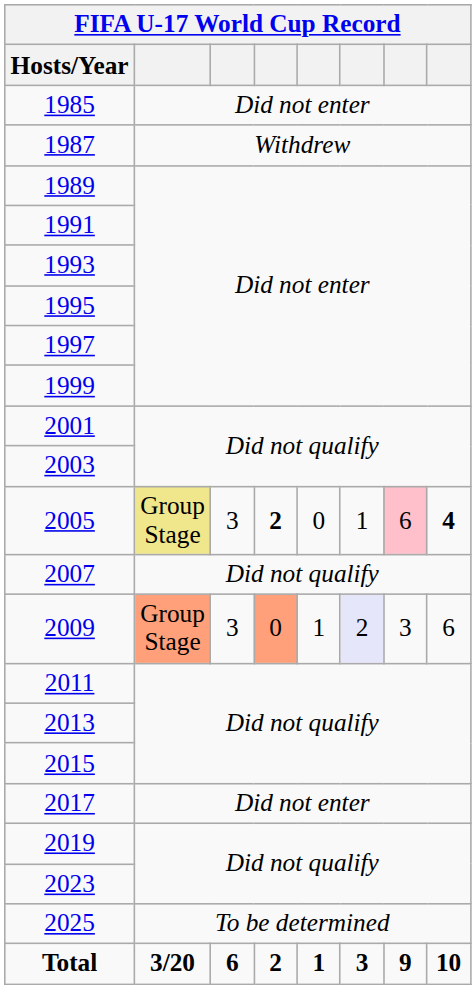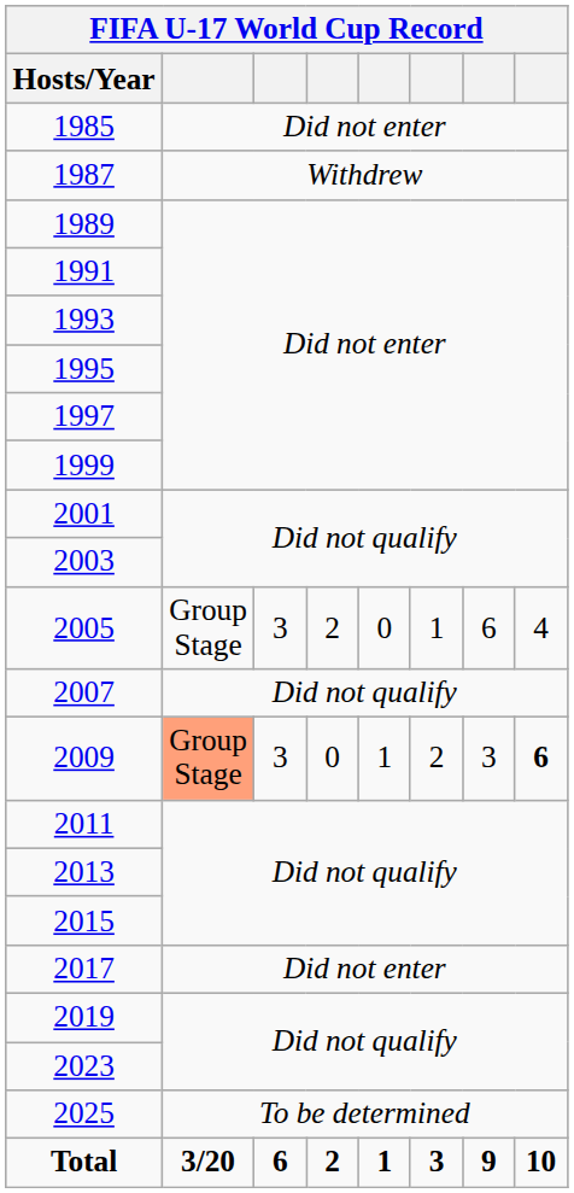 <table class="wikitable" style="text-align: center;">
 <tr>
 <th colspan=9><a href='#'>FIFA U-17 World Cup Record</a></th>
 </tr>
 <tr>
 <th>Hosts/Year</th>
 <th width=20></th>
 <th width=20></th>
 <th width=20></th>
 <th width=20></th>
 <th width=20></th>
 <th width=20></th>
 <th width=20></th>
 </tr>
 <tr>
 <td> <a href='#'>1985</a></td>
 <td colspan=7 rowspan=1><em>Did not enter</em></td>
 </tr>
 <tr>
 <td> <a href='#'>1987</a></td>
 <td colspan=7 rowspan=1><em>Withdrew</em></td>
 </tr>
 <tr>
 <td> <a href='#'>1989</a></td>
 <td colspan=7 rowspan=6><em>Did not enter</em></td>
 </tr>
 <tr>
 <td> <a href='#'>1991</a></td>
 </tr>
 <tr>
 <td> <a href='#'>1993</a></td>
 </tr>
 <tr>
 <td> <a href='#'>1995</a></td>
 </tr>
 <tr>
 <td> <a href='#'>1997</a></td>
 </tr>
 <tr>
 <td> <a href='#'>1999</a></td>
 </tr>
 <tr>
 <td> <a href='#'>2001</a></td>
 <td colspan=7 rowspan=2><em>Did not qualify</em></td>
 </tr>
 <tr>
 <td> <a href='#'>2003</a></td>
 </tr>
 <tr>
 <td> <a href='#'>2005</a></td>
-<td style="background: khaki;">Group Stage</td>
+<td>Group Stage</td>
 <td>3</td>
-<td><strong>2</strong></td>
+<td>2</td>
 <td>0</td>
 <td>1</td>
-<td style="background: pink;">6</td>
-<td><strong>4</strong></td>
+<td>6</td>
+<td>4</td>
 </tr>
 <tr>
 <td> <a href='#'>2007</a></td>
 <td colspan=7 rowspan=1><em>Did not qualify</em></td>
 </tr>
 <tr>
 <td> <a href='#'>2009</a></td>
 <td style="background: lightsalmon;">Group Stage</td>
 <td>3</td>
-<td style="background: lightsalmon;">0</td>
+<td>0</td>
 <td>1</td>
-<td style="background: lavender;">2</td>
+<td>2</td>
 <td>3</td>
-<td>6</td>
+<td><strong>6</strong></td>
 </tr>
 <tr>
 <td> <a href='#'>2011</a></td>
 <td colspan=7 rowspan=3><em>Did not qualify</em></td>
 </tr>
 <tr>
 <td> <a href='#'>2013</a></td>
 </tr>
 <tr>
 <td> <a href='#'>2015</a></td>
 </tr>
 <tr>
 <td> <a href='#'>2017</a></td>
 <td colspan=7 rowspan=1><em>Did not enter</em></td>
 </tr>
 <tr>
 <td> <a href='#'>2019</a></td>
 <td colspan=7 rowspan=2><em>Did not qualify</em></td>
 </tr>
 <tr>
 <td> <a href='#'>2023</a></td>
 </tr>
 <tr>
 <td> <a href='#'>2025</a></td>
 <td colspan=7><em>To be determined</em></td>
 </tr>
 <tr>
 <td><strong>Total</strong></td>
 <td><strong>3/20</strong></td>
 <td><strong>6</strong></td>
 <td><strong>2</strong></td>
 <td><strong>1</strong></td>
 <td><strong>3</strong></td>
 <td><strong>9</strong></td>
 <td><strong>10</strong></td>
 </tr>
 </table>
